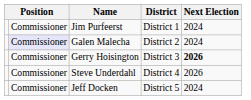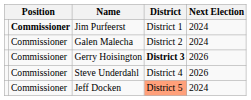 <table class="wikitable">
 <tr>
 <th colspan="2">Position</th>
 <th>Name</th>
 <th>District</th>
 <th>Next Election</th>
 </tr>
 <tr>
 <td></td>
-<td>Commissioner</td>
+<td><strong>Commissioner</strong></td>
 <td>Jim Purfeerst</td>
 <td>District 1</td>
 <td>2024</td>
 </tr>
 <tr>
 <td></td>
-<td style="background: lavender;">Commissioner</td>
+<td>Commissioner</td>
 <td>Galen Malecha</td>
 <td>District 2</td>
 <td>2024</td>
 </tr>
 <tr>
 <td></td>
 <td>Commissioner</td>
 <td>Gerry Hoisington</td>
-<td>District 3</td>
-<td><strong>2026</strong></td>
+<td><strong>District 3</strong></td>
+<td>2026</td>
 </tr>
 <tr>
 <td></td>
 <td>Commissioner</td>
 <td>Steve Underdahl</td>
 <td>District 4</td>
 <td>2026</td>
 </tr>
 <tr>
 <td></td>
 <td>Commissioner</td>
 <td>Jeff Docken</td>
-<td>District 5</td>
+<td style="background: lightsalmon;">District 5</td>
 <td>2024</td>
 </tr>
 </table>
